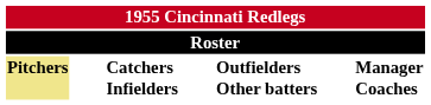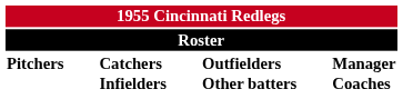 <table class="toccolours" style="font-size: 95%;">
 <tr>
 <th colspan="10" style="background-color: #c6011f; color: white; text-align: center;">1955 Cincinnati Redlegs</th>
 </tr>
 <tr>
 <td colspan="10" style="background-color: black; color: white; text-align: center;"><strong>Roster</strong></td>
 </tr>
 <tr>
-<td valign="top" style="background: khaki;"><strong>Pitchers</strong><br>                </td>
+<td valign="top"><strong>Pitchers</strong><br>                </td>
 <td width="25px"></td>
 <td valign="top"><strong>Catchers</strong><br>     <strong>Infielders</strong>        </td>
 <td width="25px"></td>
 <td valign="top"><strong>Outfielders</strong><br>          <strong>Other batters</strong> </td>
 <td width="25px"></td>
 <td valign="top"><strong>Manager</strong><br> <strong>Coaches</strong>   </td>
 </tr>
 </table>
